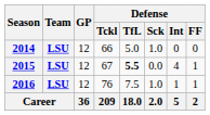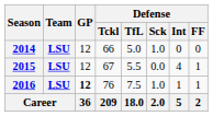 <table class="wikitable" style="text-align:center;">
 <tr>
 <th rowspan="2">Season</th>
 <th rowspan="2">Team</th>
 <th rowspan="2">GP</th>
 <th colspan="5">Defense</th>
 </tr>
 <tr>
 <th>Tckl</th>
 <th>TfL</th>
 <th>Sck</th>
 <th>Int</th>
 <th>FF</th>
 </tr>
 <tr>
 <th><a href='#'>2014</a></th>
 <th><a href='#'>LSU</a></th>
 <td>12</td>
 <td>66</td>
 <td>5.0</td>
 <td>1.0</td>
 <td>0</td>
 <td>0</td>
 </tr>
 <tr>
 <th><a href='#'>2015</a></th>
 <th><a href='#'>LSU</a></th>
 <td>12</td>
 <td>67</td>
-<td><strong>5.5</strong></td>
+<td>5.5</td>
 <td>0.0</td>
 <td>4</td>
 <td>1</td>
 </tr>
 <tr>
 <th><a href='#'>2016</a></th>
 <th><a href='#'>LSU</a></th>
-<td>12</td>
+<td><strong>12</strong></td>
 <td>76</td>
 <td>7.5</td>
 <td>1.0</td>
 <td>1</td>
 <td>1</td>
 </tr>
 <tr>
 <th colspan="2">Career</th>
 <th>36</th>
 <th>209</th>
 <th>18.0</th>
 <th>2.0</th>
 <th>5</th>
 <th>2</th>
 </tr>
 </table>
